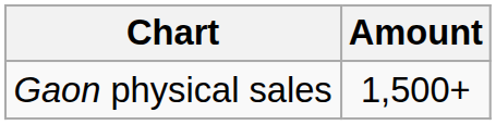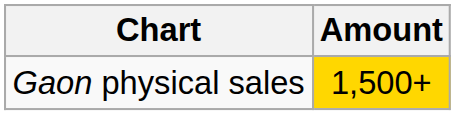 <table class="wikitable">
 <tr>
 <th>Chart</th>
 <th>Amount</th>
 </tr>
 <tr>
 <td><em>Gaon</em> physical sales</td>
-<td align="center">1,500+</td>
+<td align="center" style="background: gold;">1,500+</td>
 </tr>
 </table>
